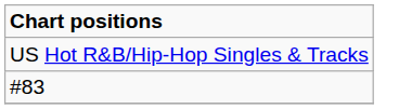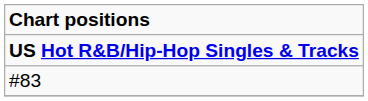 <table class="wikitable">
 <tr>
 <td><strong>Chart positions</strong></td>
 </tr>
 <tr>
-<td>US <a href='#'>Hot R&B/Hip-Hop Singles & Tracks</a></td>
+<td><strong>US <a href='#'>Hot R&B/Hip-Hop Singles & Tracks</a></strong></td>
 </tr>
 <tr>
 <td>#83</td>
 </tr>
 <tr>
 </tr>
 </table>
